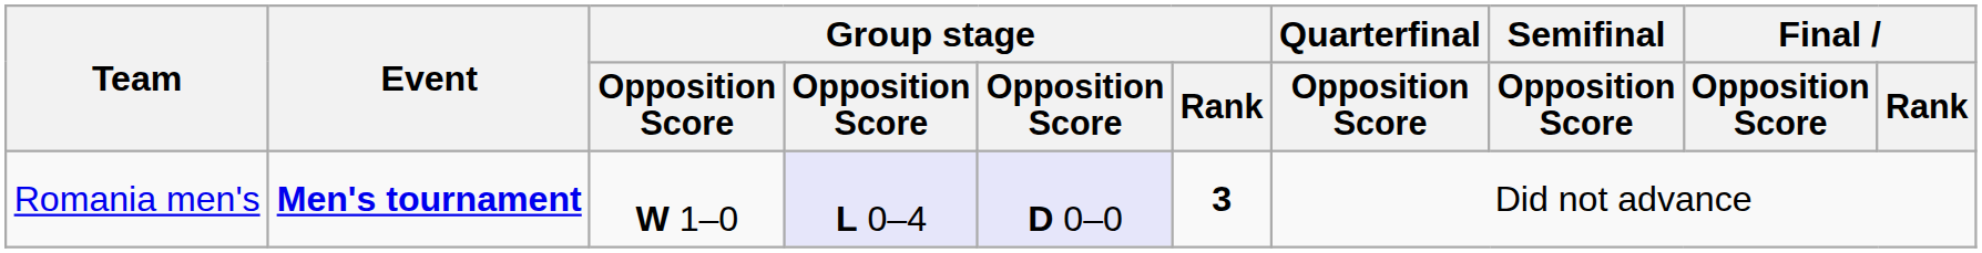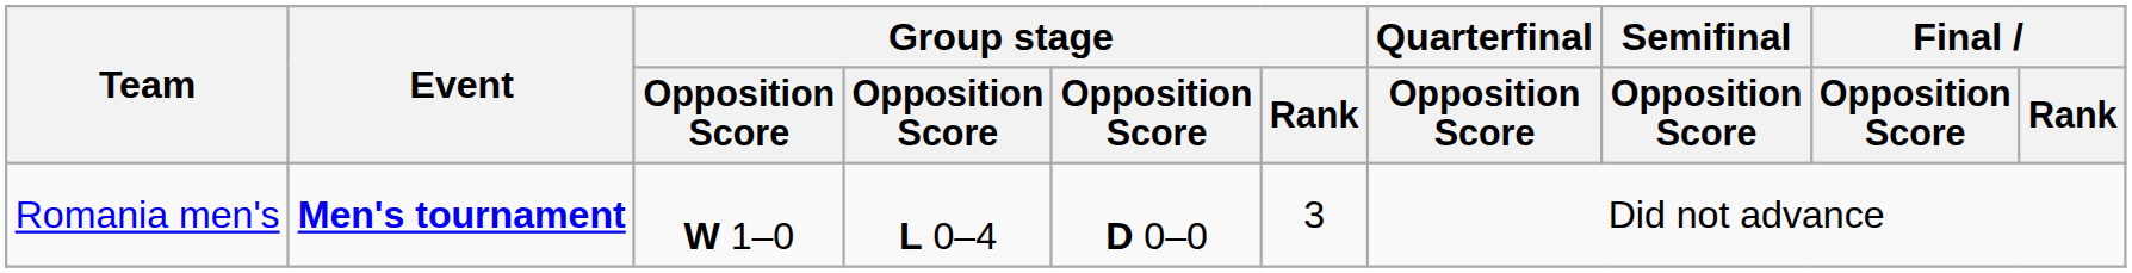 <table class="wikitable" style="font-size:90%">
 <tr>
 <th rowspan=2>Team</th>
 <th rowspan=2>Event</th>
 <th colspan=4>Group stage</th>
 <th>Quarterfinal</th>
 <th>Semifinal</th>
 <th colspan=2>Final / </th>
 </tr>
 <tr style="font-size:95%">
 <th>Opposition<br>Score</th>
 <th>Opposition<br>Score</th>
 <th>Opposition<br>Score</th>
 <th>Rank</th>
 <th>Opposition<br>Score</th>
 <th>Opposition<br>Score</th>
 <th>Opposition<br>Score</th>
 <th>Rank</th>
 </tr>
 <tr align=center>
 <td align=left><a href='#'>Romania men's</a></td>
 <td align=left><strong><a href='#'>Men's tournament</a></strong></td>
 <td><br><strong>W</strong> 1–0</td>
-<td style="background: lavender;"><br><strong>L</strong> 0–4</td>
-<td style="background: lavender;"><br><strong>D</strong> 0–0</td>
-<td><strong>3</strong></td>
+<td><br><strong>L</strong> 0–4</td>
+<td><br><strong>D</strong> 0–0</td>
+<td>3</td>
 <td colspan="4">Did not advance</td>
 </tr>
 </table>
